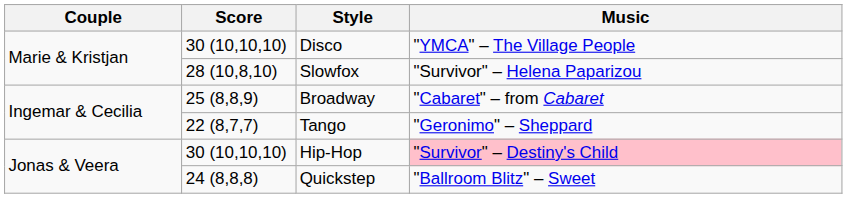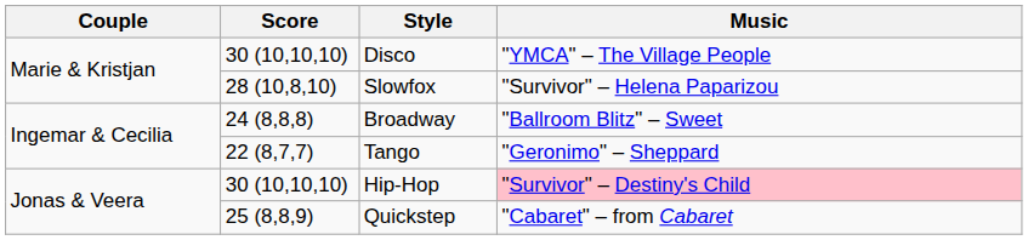 <table class="wikitable">
 <tr>
 <th width="160">Couple</th>
 <th width="100">Score</th>
 <th width="100">Style</th>
 <th width="400">Music</th>
 </tr>
 <tr>
 <td rowspan=2>Marie & Kristjan</td>
 <td>30 (10,10,10)</td>
 <td>Disco</td>
 <td>"<a href='#'>YMCA</a>" – <a href='#'>The Village People</a></td>
 </tr>
 <tr>
 <td>28 (10,8,10)</td>
 <td>Slowfox</td>
 <td>"Survivor" – <a href='#'>Helena Paparizou</a></td>
 </tr>
 <tr>
 <td rowspan=2>Ingemar & Cecilia</td>
-<td>25 (8,8,9)</td>
+<td>24 (8,8,8)</td>
 <td>Broadway</td>
-<td>"<a href='#'>Cabaret</a>" – from <em><a href='#'>Cabaret</a></em></td>
+<td>"<a href='#'>Ballroom Blitz</a>" – <a href='#'>Sweet</a></td>
 </tr>
 <tr>
 <td>22 (8,7,7)</td>
 <td>Tango</td>
 <td>"<a href='#'>Geronimo</a>" – <a href='#'>Sheppard</a></td>
 </tr>
 <tr>
 <td rowspan=2>Jonas & Veera</td>
 <td>30 (10,10,10)</td>
 <td>Hip-Hop</td>
 <td style="background: pink;">"<a href='#'>Survivor</a>" – <a href='#'>Destiny's Child</a></td>
 </tr>
 <tr>
-<td>24 (8,8,8)</td>
+<td>25 (8,8,9)</td>
 <td>Quickstep</td>
-<td>"<a href='#'>Ballroom Blitz</a>" – <a href='#'>Sweet</a></td>
+<td>"<a href='#'>Cabaret</a>" – from <em><a href='#'>Cabaret</a></em></td>
 </tr>
 </table>
